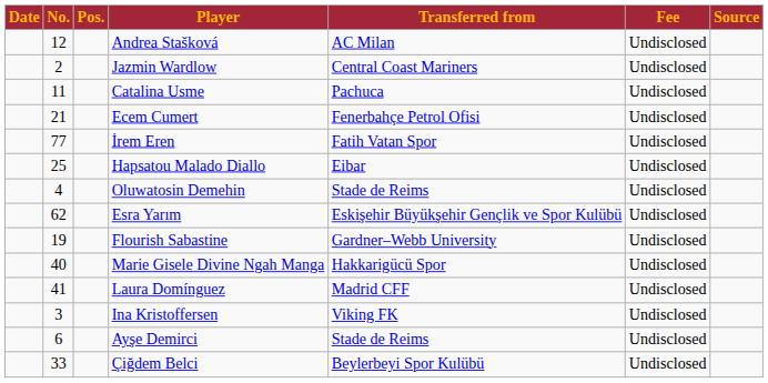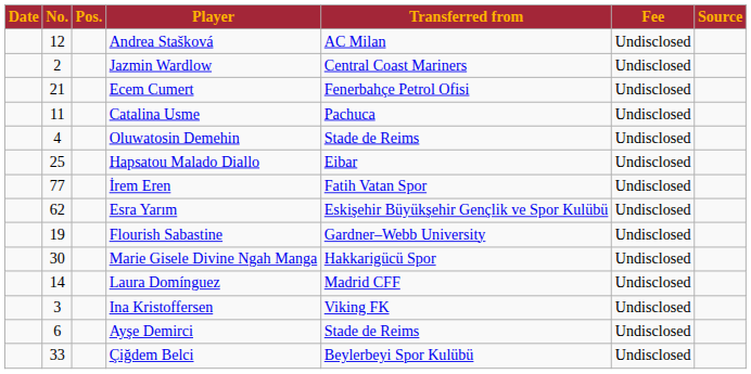 <table class="wikitable plainrowheaders sortable">
 <tr>
 <th style="background:#A32638; color:#FFB300; ">Date</th>
 <th style="background:#A32638; color:#FFB300; ">No.</th>
 <th style="background:#A32638; color:#FFB300; ">Pos.</th>
 <th style="background:#A32638; color:#FFB300; ">Player</th>
 <th style="background:#A32638; color:#FFB300; ">Transferred from</th>
 <th style="background:#A32638; color:#FFB300; ">Fee</th>
 <th style="background:#A32638; color:#FFB300; ">Source</th>
 </tr>
 <tr>
 <td></td>
 <td align=center>12</td>
 <td align=center></td>
 <td> <a href='#'>Andrea Stašková</a></td>
 <td> <a href='#'>AC Milan</a></td>
 <td>Undisclosed</td>
 <td align=center></td>
 </tr>
 <tr>
 <td></td>
 <td align=center>2</td>
 <td align=center></td>
 <td> <a href='#'>Jazmin Wardlow</a></td>
 <td> <a href='#'>Central Coast Mariners</a></td>
 <td>Undisclosed</td>
 <td align=center></td>
 </tr>
 <tr>
 <td></td>
+<td align=center>21</td>
+<td align=center></td>
+<td> <a href='#'>Ecem Cumert</a></td>
+<td> <a href='#'>Fenerbahçe Petrol Ofisi</a></td>
+<td>Undisclosed</td>
+<td align=center></td>
+</tr>
+<tr>
+<td></td>
 <td align=center>11</td>
 <td align=center></td>
 <td> <a href='#'>Catalina Usme</a></td>
 <td> <a href='#'>Pachuca</a></td>
 <td>Undisclosed</td>
 <td align=center></td>
 </tr>
 <tr>
 <td></td>
-<td align=center>21</td>
+<td align=center>4</td>
 <td align=center></td>
-<td> <a href='#'>Ecem Cumert</a></td>
-<td> <a href='#'>Fenerbahçe Petrol Ofisi</a></td>
-<td>Undisclosed</td>
-<td align=center></td>
-</tr>
-<tr>
-<td></td>
-<td align=center>77</td>
-<td align=center></td>
-<td> <a href='#'>İrem Eren</a></td>
-<td> <a href='#'>Fatih Vatan Spor</a></td>
+<td> <a href='#'>Oluwatosin Demehin</a></td>
+<td> <a href='#'>Stade de Reims</a></td>
 <td>Undisclosed</td>
 <td align=center></td>
 </tr>
 <tr>
 <td></td>
 <td align=center>25</td>
 <td align=center></td>
 <td> <a href='#'>Hapsatou Malado Diallo</a></td>
 <td> <a href='#'>Eibar</a></td>
 <td>Undisclosed</td>
 <td align=center></td>
 </tr>
 <tr>
 <td></td>
-<td align=center>4</td>
+<td align=center>77</td>
 <td align=center></td>
-<td> <a href='#'>Oluwatosin Demehin</a></td>
-<td> <a href='#'>Stade de Reims</a></td>
+<td> <a href='#'>İrem Eren</a></td>
+<td> <a href='#'>Fatih Vatan Spor</a></td>
 <td>Undisclosed</td>
 <td align=center></td>
 </tr>
 <tr>
 <td></td>
 <td align=center>62</td>
 <td align=center></td>
 <td> <a href='#'>Esra Yarım</a></td>
 <td> <a href='#'>Eskişehir Büyükşehir Gençlik ve Spor Kulübü</a></td>
 <td>Undisclosed</td>
 <td align=center></td>
 </tr>
 <tr>
 <td></td>
 <td align=center>19</td>
 <td align=center></td>
 <td> <a href='#'>Flourish Sabastine</a></td>
 <td> <a href='#'>Gardner–Webb University</a></td>
 <td>Undisclosed</td>
 <td align=center></td>
 </tr>
 <tr>
 <td></td>
-<td align=center>40</td>
+<td align=center>30</td>
 <td align=center></td>
 <td> <a href='#'>Marie Gisele Divine Ngah Manga</a></td>
 <td> <a href='#'>Hakkarigücü Spor</a></td>
 <td>Undisclosed</td>
 <td align=center></td>
 </tr>
 <tr>
 <td></td>
-<td align=center>41</td>
+<td align=center>14</td>
 <td align=center></td>
 <td> <a href='#'>Laura Domínguez</a></td>
 <td> <a href='#'>Madrid CFF</a></td>
 <td>Undisclosed</td>
 <td align=center></td>
 </tr>
 <tr>
 <td></td>
 <td align=center>3</td>
 <td align=center></td>
 <td> <a href='#'>Ina Kristoffersen</a></td>
 <td> <a href='#'>Viking FK</a></td>
 <td>Undisclosed</td>
 <td align=center></td>
 </tr>
 <tr>
 <td></td>
 <td align=center>6</td>
 <td align=center></td>
 <td> <a href='#'>Ayşe Demirci</a></td>
 <td> <a href='#'>Stade de Reims</a></td>
 <td>Undisclosed</td>
 <td align=center></td>
 </tr>
 <tr>
 <td></td>
 <td align=center>33</td>
 <td align=center></td>
 <td> <a href='#'>Çiğdem Belci</a></td>
 <td> <a href='#'>Beylerbeyi Spor Kulübü</a></td>
 <td>Undisclosed</td>
 <td align=center></td>
 </tr>
 </table>
